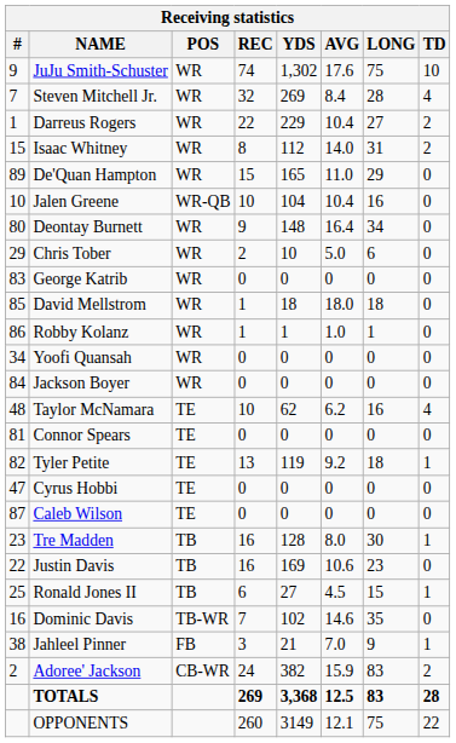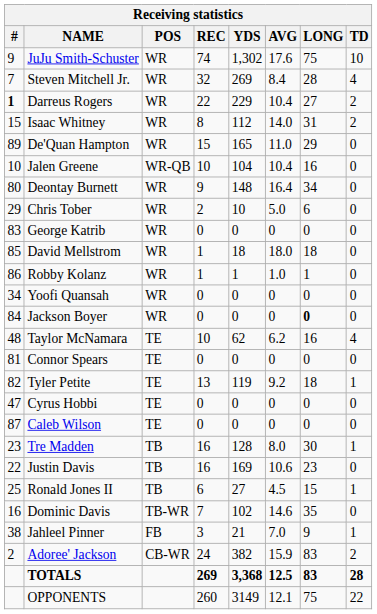 <table class="wikitable sortable collapsible collapsed">
 <tr>
 <th colspan="8">Receiving statistics</th>
 </tr>
 <tr>
 <th>#</th>
 <th>NAME</th>
 <th>POS</th>
 <th>REC</th>
 <th>YDS</th>
 <th>AVG</th>
 <th>LONG</th>
 <th>TD</th>
 </tr>
 <tr>
 <td>9</td>
 <td><a href='#'>JuJu Smith-Schuster</a></td>
 <td>WR</td>
 <td>74</td>
 <td>1,302</td>
 <td>17.6</td>
 <td>75</td>
 <td>10</td>
 </tr>
 <tr>
 <td>7</td>
 <td>Steven Mitchell Jr.</td>
 <td>WR</td>
 <td>32</td>
 <td>269</td>
 <td>8.4</td>
 <td>28</td>
 <td>4</td>
 </tr>
 <tr>
-<td>1</td>
+<td><strong>1</strong></td>
 <td>Darreus Rogers</td>
 <td>WR</td>
 <td>22</td>
 <td>229</td>
 <td>10.4</td>
 <td>27</td>
 <td>2</td>
 </tr>
 <tr>
 <td>15</td>
 <td>Isaac Whitney</td>
 <td>WR</td>
 <td>8</td>
 <td>112</td>
 <td>14.0</td>
 <td>31</td>
 <td>2</td>
 </tr>
 <tr>
 <td>89</td>
 <td>De'Quan Hampton</td>
 <td>WR</td>
 <td>15</td>
 <td>165</td>
 <td>11.0</td>
 <td>29</td>
 <td>0</td>
 </tr>
 <tr>
 <td>10</td>
 <td>Jalen Greene</td>
 <td>WR-QB</td>
 <td>10</td>
 <td>104</td>
 <td>10.4</td>
 <td>16</td>
 <td>0</td>
 </tr>
 <tr>
 <td>80</td>
 <td>Deontay Burnett</td>
 <td>WR</td>
 <td>9</td>
 <td>148</td>
 <td>16.4</td>
 <td>34</td>
 <td>0</td>
 </tr>
 <tr>
 <td>29</td>
 <td>Chris Tober</td>
 <td>WR</td>
 <td>2</td>
 <td>10</td>
 <td>5.0</td>
 <td>6</td>
 <td>0</td>
 </tr>
 <tr>
 <td>83</td>
 <td>George Katrib</td>
 <td>WR</td>
 <td>0</td>
 <td>0</td>
 <td>0</td>
 <td>0</td>
 <td>0</td>
 </tr>
 <tr>
 <td>85</td>
 <td>David Mellstrom</td>
 <td>WR</td>
 <td>1</td>
 <td>18</td>
 <td>18.0</td>
 <td>18</td>
 <td>0</td>
 </tr>
 <tr>
 <td>86</td>
 <td>Robby Kolanz</td>
 <td>WR</td>
 <td>1</td>
 <td>1</td>
 <td>1.0</td>
 <td>1</td>
 <td>0</td>
 </tr>
 <tr>
 <td>34</td>
 <td>Yoofi Quansah</td>
 <td>WR</td>
 <td>0</td>
 <td>0</td>
 <td>0</td>
 <td>0</td>
 <td>0</td>
 </tr>
 <tr>
 <td>84</td>
 <td>Jackson Boyer</td>
 <td>WR</td>
 <td>0</td>
 <td>0</td>
 <td>0</td>
-<td>0</td>
+<td><strong>0</strong></td>
 <td>0</td>
 </tr>
 <tr>
 <td>48</td>
 <td>Taylor McNamara</td>
 <td>TE</td>
 <td>10</td>
 <td>62</td>
 <td>6.2</td>
 <td>16</td>
 <td>4</td>
 </tr>
 <tr>
 <td>81</td>
 <td>Connor Spears</td>
 <td>TE</td>
 <td>0</td>
 <td>0</td>
 <td>0</td>
 <td>0</td>
 <td>0</td>
 </tr>
 <tr>
 <td>82</td>
 <td>Tyler Petite</td>
 <td>TE</td>
 <td>13</td>
 <td>119</td>
 <td>9.2</td>
 <td>18</td>
 <td>1</td>
 </tr>
 <tr>
 <td>47</td>
 <td>Cyrus Hobbi</td>
 <td>TE</td>
 <td>0</td>
 <td>0</td>
 <td>0</td>
 <td>0</td>
 <td>0</td>
 </tr>
 <tr>
 <td>87</td>
 <td><a href='#'>Caleb Wilson</a></td>
 <td>TE</td>
 <td>0</td>
 <td>0</td>
 <td>0</td>
 <td>0</td>
 <td>0</td>
 </tr>
 <tr>
 <td>23</td>
 <td><a href='#'>Tre Madden</a></td>
 <td>TB</td>
 <td>16</td>
 <td>128</td>
 <td>8.0</td>
 <td>30</td>
 <td>1</td>
 </tr>
 <tr>
 <td>22</td>
 <td>Justin Davis</td>
 <td>TB</td>
 <td>16</td>
 <td>169</td>
 <td>10.6</td>
 <td>23</td>
 <td>0</td>
 </tr>
 <tr>
 <td>25</td>
 <td>Ronald Jones II</td>
 <td>TB</td>
 <td>6</td>
 <td>27</td>
 <td>4.5</td>
 <td>15</td>
 <td>1</td>
 </tr>
 <tr>
 <td>16</td>
 <td>Dominic Davis</td>
 <td>TB-WR</td>
 <td>7</td>
 <td>102</td>
 <td>14.6</td>
 <td>35</td>
 <td>0</td>
 </tr>
 <tr>
 <td>38</td>
 <td>Jahleel Pinner</td>
 <td>FB</td>
 <td>3</td>
 <td>21</td>
 <td>7.0</td>
 <td>9</td>
 <td>1</td>
 </tr>
 <tr>
 <td>2</td>
 <td><a href='#'>Adoree' Jackson</a></td>
 <td>CB-WR</td>
 <td>24</td>
 <td>382</td>
 <td>15.9</td>
 <td>83</td>
 <td>2</td>
 </tr>
 <tr>
 <td></td>
 <td><strong>TOTALS</strong></td>
 <td></td>
 <td><strong>269</strong></td>
 <td><strong>3,368</strong></td>
 <td><strong>12.5</strong></td>
 <td><strong>83</strong></td>
 <td><strong>28</strong></td>
 </tr>
 <tr>
 <td></td>
 <td>OPPONENTS</td>
 <td></td>
 <td>260</td>
 <td>3149</td>
 <td>12.1</td>
 <td>75</td>
 <td>22</td>
 </tr>
 </table>
